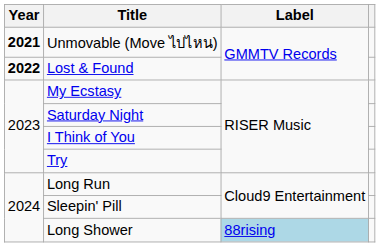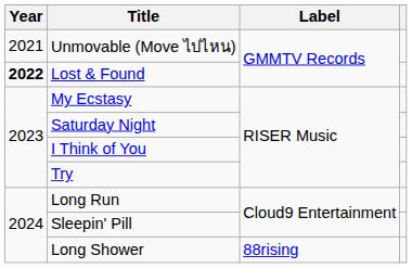 <table class="wikitable sortable plainrowheaders">
 <tr>
 <th scope="col">Year</th>
 <th scope="col">Title</th>
 <th scope="col" class="unsortable">Label</th>
 <th scope="col" class="unsortable"></th>
 </tr>
 <tr>
-<td><strong>2021</strong></td>
+<td>2021</td>
 <td>Unmovable (Move ไปไหน)</td>
 <td Rowspan=2><a href='#'>GMMTV Records</a></td>
 <td></td>
 </tr>
 <tr>
 <td><strong>2022</strong></td>
 <td><a href='#'>Lost & Found</a></td>
 <td></td>
 </tr>
 <tr>
 <td rowspan="4">2023</td>
 <td><a href='#'>My Ecstasy</a><br></td>
 <td rowspan="4">RISER Music</td>
 <td></td>
 </tr>
 <tr>
 <td><a href='#'>Saturday Night</a></td>
 <td></td>
 </tr>
 <tr>
 <td><a href='#'>I Think of You</a></td>
 <td></td>
 </tr>
 <tr>
 <td><a href='#'>Try</a><br></td>
 <td></td>
 </tr>
 <tr>
 <td rowspan="3">2024</td>
 <td>Long Run</td>
 <td rowspan="2">Cloud9 Entertainment</td>
 <td></td>
 </tr>
 <tr>
 <td>Sleepin' Pill<br></td>
 <td></td>
 </tr>
 <tr>
 <td>Long Shower</td>
-<td style="background: lightblue;"><a href='#'>88rising</a></td>
+<td><a href='#'>88rising</a></td>
 <td></td>
 </tr>
 </table>
